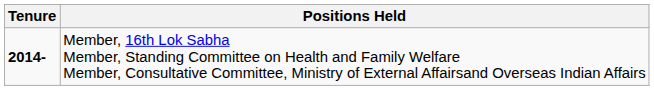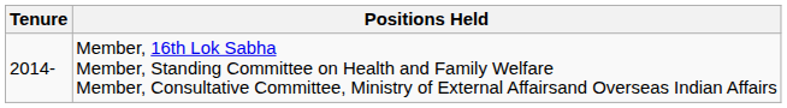 <table class="wikitable">
 <tr>
 <th>Tenure</th>
 <th>Positions Held</th>
 </tr>
 <tr>
-<td><strong>2014-</strong></td>
+<td>2014-</td>
 <td>Member, <a href='#'>16th Lok Sabha</a><br>Member, Standing Committee on Health and Family Welfare<br>Member, Consultative Committee, Ministry of External Affairsand Overseas Indian Affairs</td>
 </tr>
 </table>
